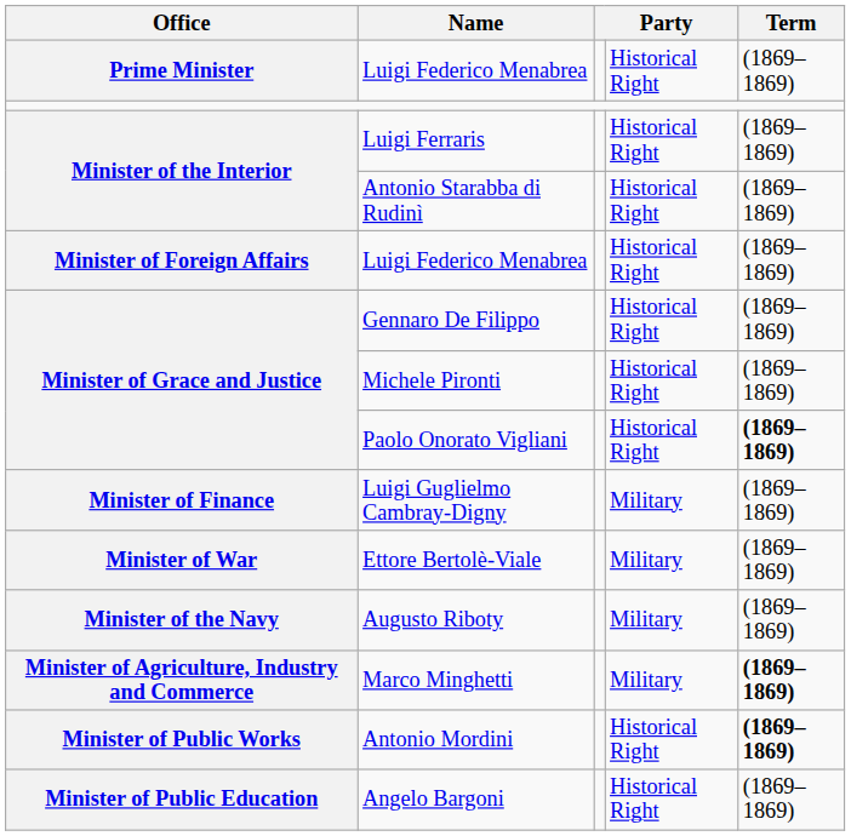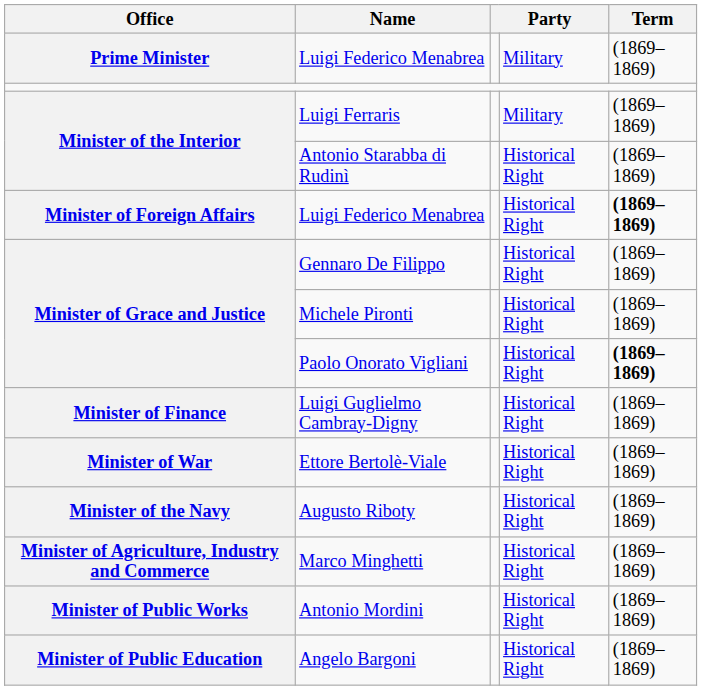 <table class="wikitable" style="font-size: 100%;">
 <tr>
 <th>Office</th>
 <th>Name</th>
 <th colspan=2>Party</th>
 <th>Term</th>
 </tr>
 <tr>
 <th><a href='#'>Prime Minister</a></th>
 <td><a href='#'>Luigi Federico Menabrea</a></td>
 <td style="color:inherit;background:"></td>
-<td><a href='#'>Historical Right</a></td>
+<td><a href='#'>Military</a></td>
 <td>(1869–1869)</td>
 </tr>
 <tr>
 <td colspan=6></td>
 </tr>
 <tr>
 <th rowspan=2><a href='#'>Minister of the Interior</a></th>
 <td><a href='#'>Luigi Ferraris</a></td>
 <td style="color:inherit;background:"></td>
-<td><a href='#'>Historical Right</a></td>
+<td><a href='#'>Military</a></td>
 <td>(1869–1869)</td>
 </tr>
 <tr>
 <td><a href='#'>Antonio Starabba di Rudinì</a></td>
 <td style="color:inherit;background:"></td>
 <td><a href='#'>Historical Right</a></td>
 <td>(1869–1869)</td>
 </tr>
 <tr>
 <th><a href='#'>Minister of Foreign Affairs</a></th>
 <td><a href='#'>Luigi Federico Menabrea</a></td>
 <td style="color:inherit;background:"></td>
 <td><a href='#'>Historical Right</a></td>
-<td>(1869–1869)</td>
+<td><strong>(1869–1869)</strong></td>
 </tr>
 <tr>
 <th rowspan=3><a href='#'>Minister of Grace and Justice</a></th>
 <td><a href='#'>Gennaro De Filippo</a></td>
 <td style="color:inherit;background:"></td>
 <td><a href='#'>Historical Right</a></td>
 <td>(1869–1869)</td>
 </tr>
 <tr>
 <td><a href='#'>Michele Pironti</a></td>
 <td style="color:inherit;background:"></td>
 <td><a href='#'>Historical Right</a></td>
 <td>(1869–1869)</td>
 </tr>
 <tr>
 <td><a href='#'>Paolo Onorato Vigliani</a></td>
 <td style="color:inherit;background:"></td>
 <td><a href='#'>Historical Right</a></td>
 <td><strong>(1869–1869)</strong></td>
 </tr>
 <tr>
 <th><a href='#'>Minister of Finance</a></th>
 <td><a href='#'>Luigi Guglielmo Cambray-Digny</a></td>
 <td style="color:inherit;background:"></td>
-<td><a href='#'>Military</a></td>
+<td><a href='#'>Historical Right</a></td>
 <td>(1869–1869)</td>
 </tr>
 <tr>
 <th><a href='#'>Minister of War</a></th>
 <td><a href='#'>Ettore Bertolè-Viale</a></td>
 <td style="color:inherit;background:"></td>
-<td><a href='#'>Military</a></td>
+<td><a href='#'>Historical Right</a></td>
 <td>(1869–1869)</td>
 </tr>
 <tr>
 <th><a href='#'>Minister of the Navy</a></th>
 <td><a href='#'>Augusto Riboty</a></td>
 <td style="color:inherit;background:"></td>
-<td><a href='#'>Military</a></td>
+<td><a href='#'>Historical Right</a></td>
 <td>(1869–1869)</td>
 </tr>
 <tr>
 <th><a href='#'>Minister of Agriculture, Industry and Commerce</a></th>
 <td><a href='#'>Marco Minghetti</a></td>
 <td style="color:inherit;background:"></td>
-<td><a href='#'>Military</a></td>
-<td><strong>(1869–1869)</strong></td>
+<td><a href='#'>Historical Right</a></td>
+<td>(1869–1869)</td>
 </tr>
 <tr>
 <th><a href='#'>Minister of Public Works</a></th>
 <td><a href='#'>Antonio Mordini</a></td>
 <td style="color:inherit;background:"></td>
 <td><a href='#'>Historical Right</a></td>
-<td><strong>(1869–1869)</strong></td>
+<td>(1869–1869)</td>
 </tr>
 <tr>
 <th><a href='#'>Minister of Public Education</a></th>
 <td><a href='#'>Angelo Bargoni</a></td>
 <td style="color:inherit;background:"></td>
 <td><a href='#'>Historical Right</a></td>
 <td>(1869–1869)</td>
 </tr>
 </table>
